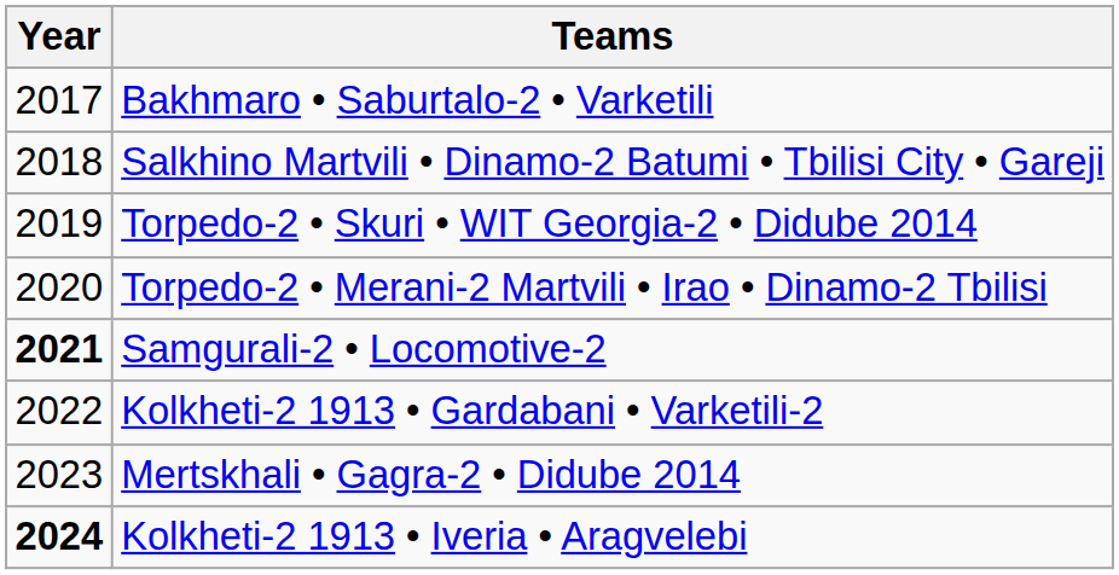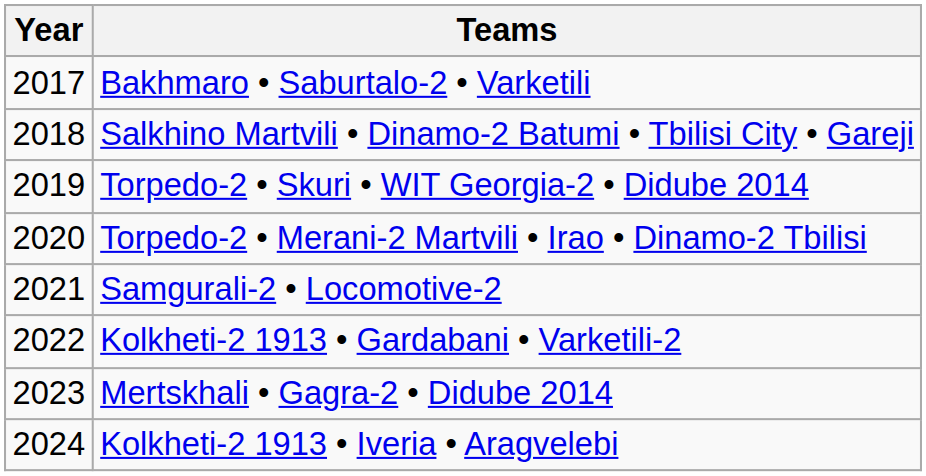 <table class="wikitable">
 <tr>
 <th>Year</th>
 <th>Teams</th>
 </tr>
 <tr>
 <td>2017</td>
 <td><a href='#'>Bakhmaro</a> • <a href='#'>Saburtalo-2</a> • <a href='#'>Varketili</a></td>
 </tr>
 <tr>
 <td>2018</td>
 <td><a href='#'>Salkhino Martvili</a> • <a href='#'>Dinamo-2 Batumi</a> • <a href='#'>Tbilisi City</a> • <a href='#'>Gareji</a></td>
 </tr>
 <tr>
 <td>2019</td>
 <td><a href='#'>Torpedo-2</a> • <a href='#'>Skuri</a> • <a href='#'>WIT Georgia-2</a> • <a href='#'>Didube 2014</a></td>
 </tr>
 <tr>
 <td>2020</td>
 <td><a href='#'>Torpedo-2</a> • <a href='#'>Merani-2 Martvili</a> • <a href='#'>Irao</a> • <a href='#'>Dinamo-2 Tbilisi</a></td>
 </tr>
 <tr>
-<td><strong>2021</strong></td>
+<td>2021</td>
 <td><a href='#'>Samgurali-2</a> • <a href='#'>Locomotive-2</a></td>
 </tr>
 <tr>
 <td>2022</td>
 <td><a href='#'>Kolkheti-2 1913</a> • <a href='#'>Gardabani</a> • <a href='#'>Varketili-2</a></td>
 </tr>
 <tr>
 <td>2023</td>
 <td><a href='#'>Mertskhali</a> • <a href='#'>Gagra-2</a> • <a href='#'>Didube 2014</a></td>
 </tr>
 <tr>
-<td><strong>2024</strong></td>
+<td>2024</td>
 <td><a href='#'>Kolkheti-2 1913</a> • <a href='#'>Iveria</a> • <a href='#'>Aragvelebi</a></td>
 </tr>
 </table>
